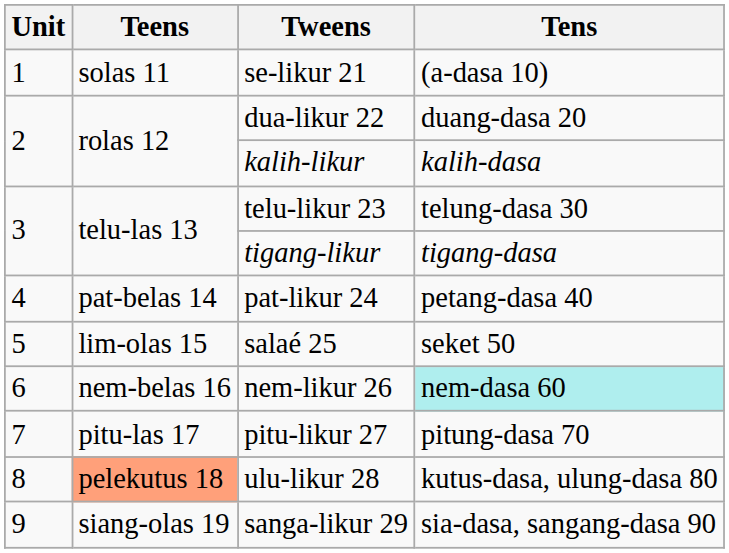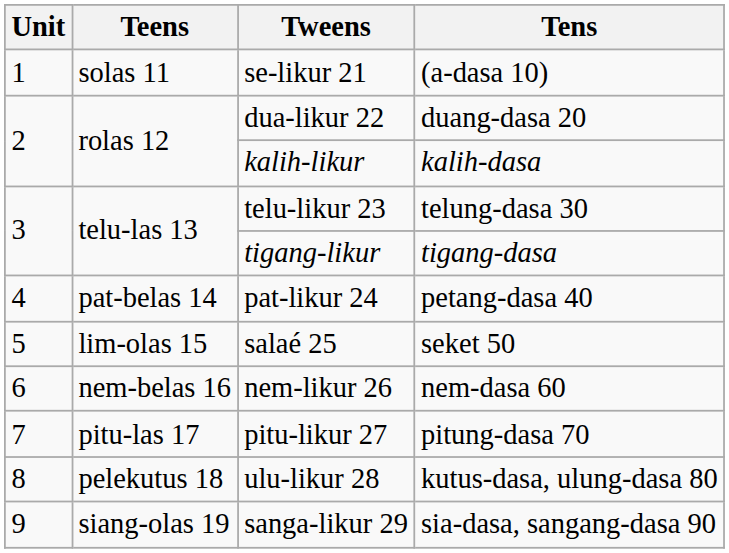 <table class=wikitable>
 <tr>
 <th>Unit</th>
 <th>Teens</th>
 <th>Tweens</th>
 <th>Tens</th>
 </tr>
 <tr>
 <td>1</td>
 <td>solas 11</td>
 <td>se-likur 21</td>
 <td>(a-dasa 10)</td>
 </tr>
 <tr>
 <td rowspan=2>2</td>
 <td rowspan=2>rolas 12</td>
 <td>dua-likur 22</td>
 <td>duang-dasa 20</td>
 </tr>
 <tr>
 <td><em>kalih-likur</em></td>
 <td><em>kalih-dasa</em></td>
 </tr>
 <tr>
 <td rowspan=2>3</td>
 <td rowspan=2>telu-las 13</td>
 <td>telu-likur 23</td>
 <td>telung-dasa 30</td>
 </tr>
 <tr>
 <td><em>tigang-likur</em></td>
 <td><em>tigang-dasa</em></td>
 </tr>
 <tr>
 <td>4</td>
 <td>pat-belas 14</td>
 <td>pat-likur 24</td>
 <td>petang-dasa 40</td>
 </tr>
 <tr>
 <td>5</td>
 <td>lim-olas 15</td>
 <td>salaé 25</td>
 <td>seket 50</td>
 </tr>
 <tr>
 <td>6</td>
 <td>nem-belas 16</td>
 <td>nem-likur 26</td>
-<td style="background: paleturquoise;">nem-dasa 60</td>
+<td>nem-dasa 60</td>
 </tr>
 <tr>
 <td>7</td>
 <td>pitu-las 17</td>
 <td>pitu-likur 27</td>
 <td>pitung-dasa 70</td>
 </tr>
 <tr>
 <td>8</td>
-<td style="background: lightsalmon;">pelekutus 18</td>
+<td>pelekutus 18</td>
 <td>ulu-likur 28</td>
 <td>kutus-dasa, ulung-dasa 80</td>
 </tr>
 <tr>
 <td>9</td>
 <td>siang-olas 19</td>
 <td>sanga-likur 29</td>
 <td>sia-dasa, sangang-dasa 90</td>
 </tr>
 </table>
